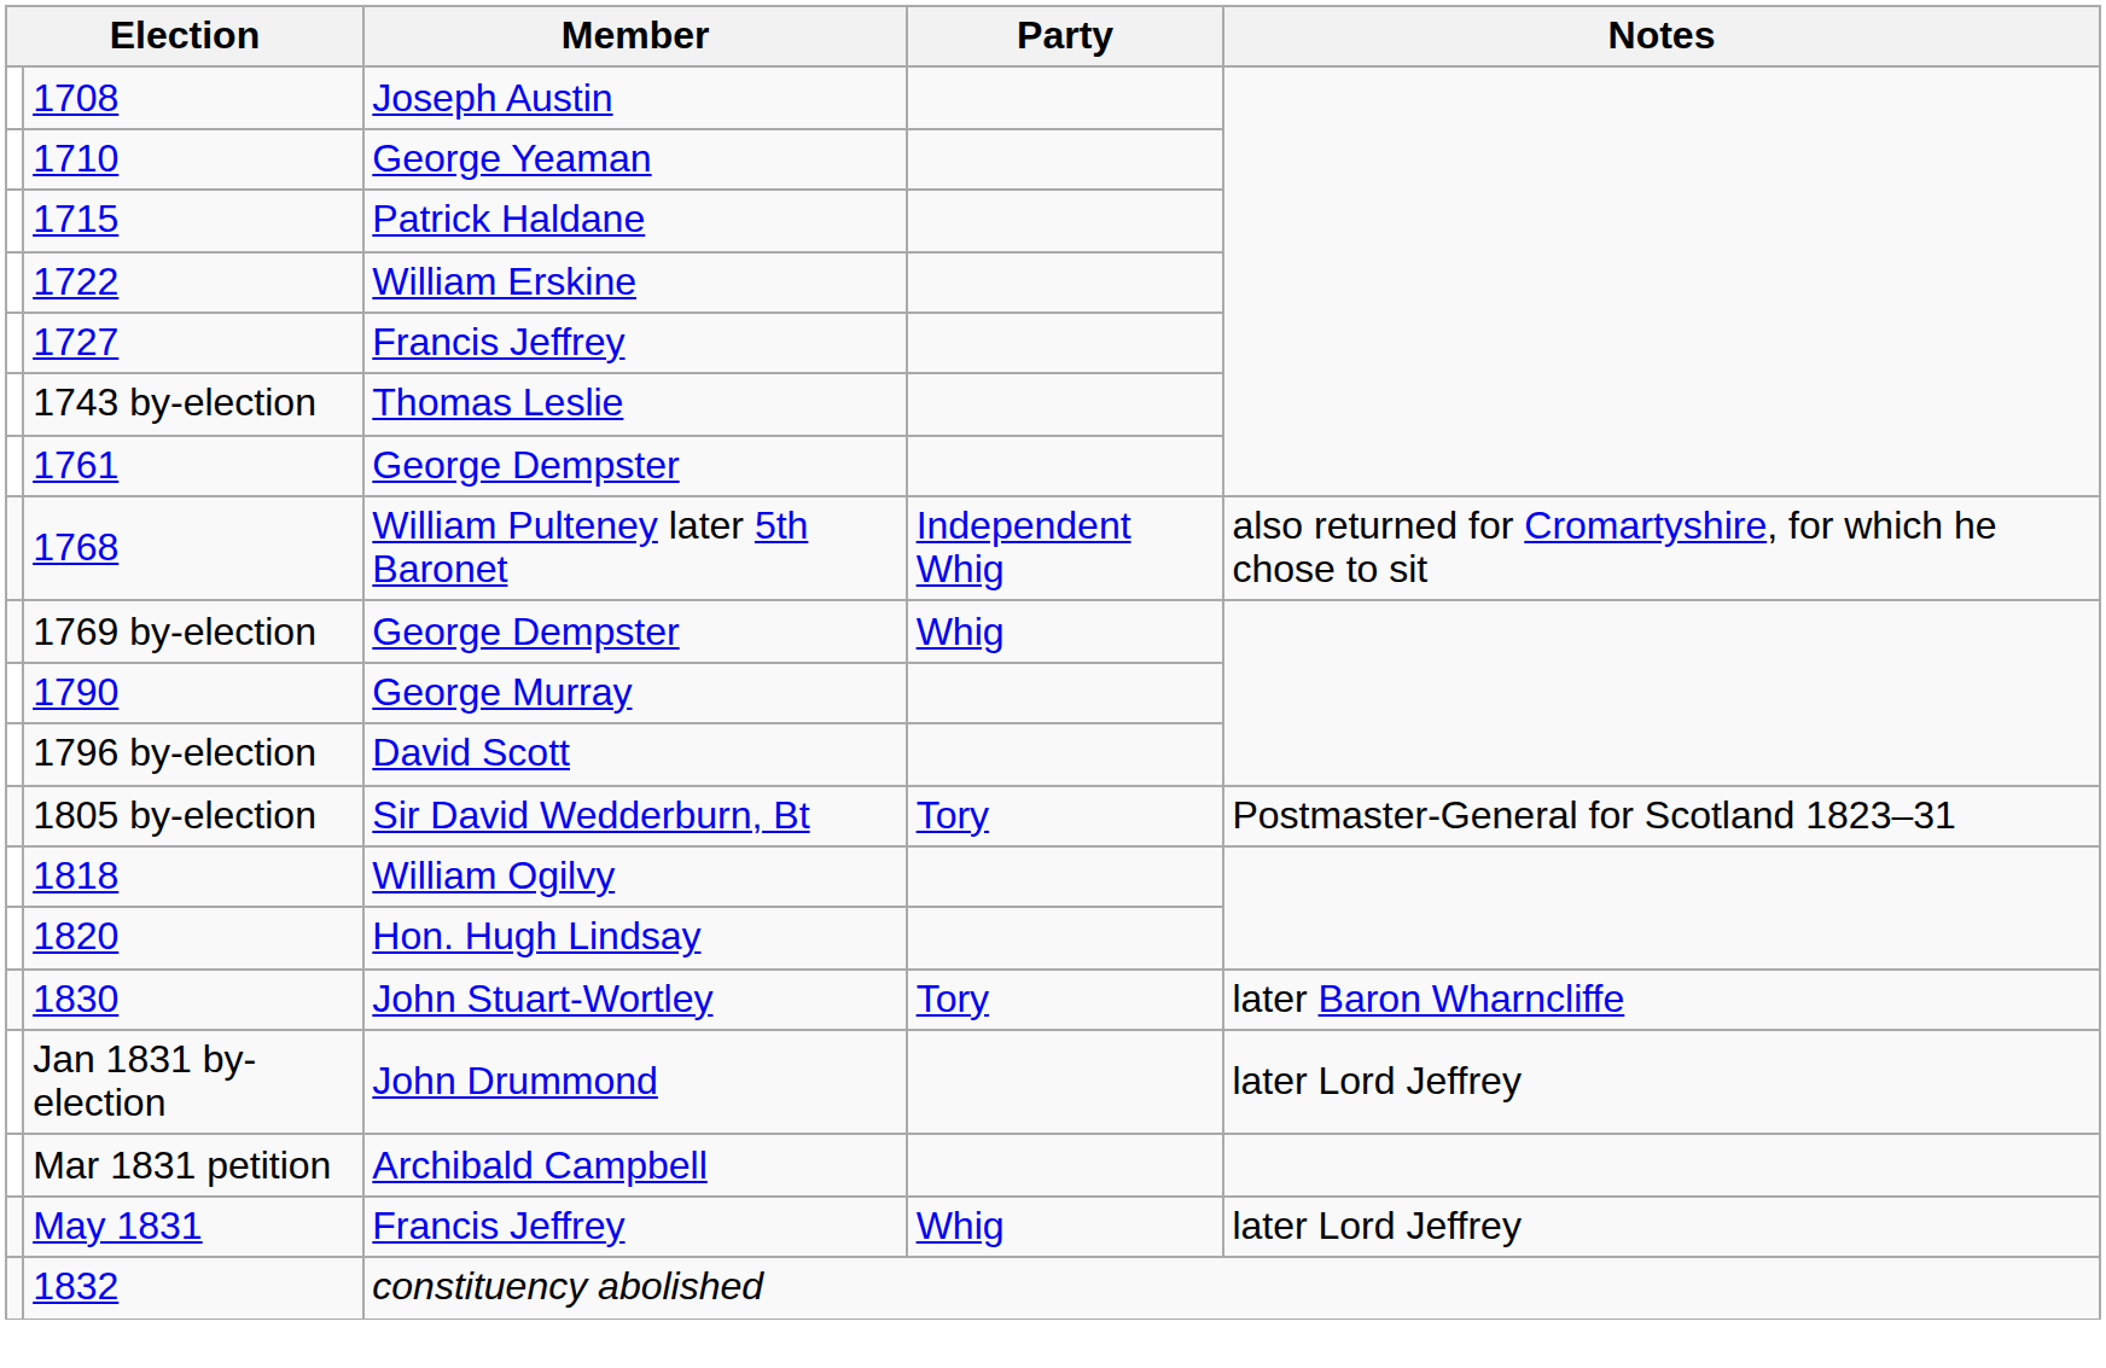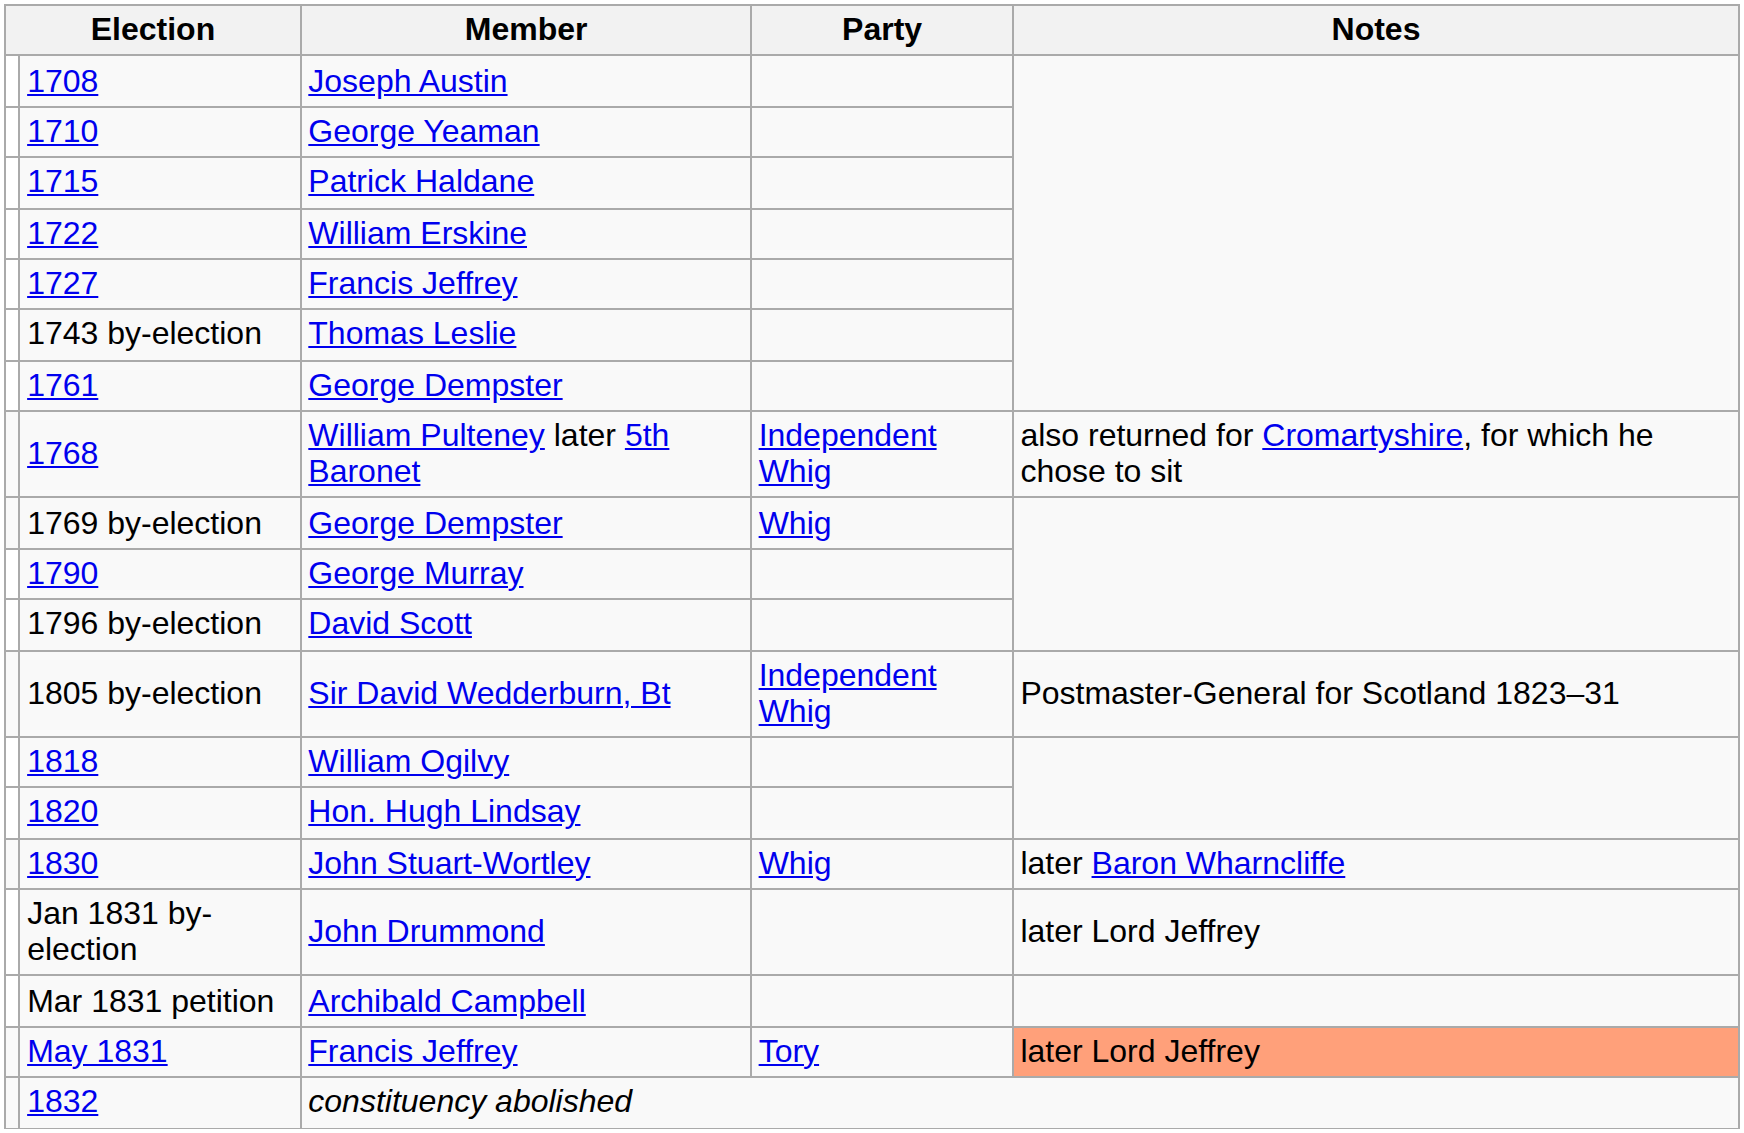 <table class="wikitable">
 <tr>
 <th colspan="2">Election</th>
 <th>Member</th>
 <th>Party </th>
 <th>Notes</th>
 </tr>
 <tr>
 <td style="color:inherit;background: white"></td>
 <td><a href='#'>1708</a></td>
 <td><a href='#'>Joseph Austin</a></td>
 <td></td>
 <td rowspan=7></td>
 </tr>
 <tr>
 <td style="color:inherit;background: white"></td>
 <td><a href='#'>1710</a></td>
 <td><a href='#'>George Yeaman</a></td>
 <td></td>
 </tr>
 <tr>
 <td style="color:inherit;background: white"></td>
 <td><a href='#'>1715</a></td>
 <td><a href='#'>Patrick Haldane</a></td>
 <td></td>
 </tr>
 <tr>
 <td style="color:inherit;background: white"></td>
 <td><a href='#'>1722</a></td>
 <td><a href='#'>William Erskine</a></td>
 <td></td>
 </tr>
 <tr>
 <td style="color:inherit;background: white"></td>
 <td><a href='#'>1727</a></td>
 <td><a href='#'>Francis Jeffrey</a></td>
 <td></td>
 </tr>
 <tr>
 <td style="color:inherit;background: white"></td>
 <td>1743 by-election</td>
 <td><a href='#'>Thomas Leslie</a></td>
 <td></td>
 </tr>
 <tr>
 <td style="color:inherit;background: white"></td>
 <td><a href='#'>1761</a></td>
 <td><a href='#'>George Dempster</a></td>
 <td></td>
 </tr>
 <tr>
 <td style="color:inherit;background-color: "></td>
 <td><a href='#'>1768</a></td>
 <td><a href='#'>William Pulteney</a> later <a href='#'>5th Baronet</a></td>
 <td><a href='#'>Independent</a> <a href='#'>Whig</a></td>
 <td>also returned for <a href='#'>Cromartyshire</a>, for which he chose to sit</td>
 </tr>
 <tr>
 <td style="color:inherit;background-color: "></td>
 <td>1769 by-election</td>
 <td><a href='#'>George Dempster</a></td>
 <td><a href='#'>Whig</a></td>
 <td rowspan=3></td>
 </tr>
 <tr>
 <td style="color:inherit;background: white"></td>
 <td><a href='#'>1790</a></td>
 <td><a href='#'>George Murray</a></td>
 <td></td>
 </tr>
 <tr>
 <td style="color:inherit;background: white"></td>
 <td>1796 by-election</td>
 <td><a href='#'>David Scott</a></td>
 <td></td>
 </tr>
 <tr>
 <td style="color:inherit;background: "></td>
 <td>1805 by-election</td>
 <td><a href='#'>Sir David Wedderburn, Bt</a></td>
-<td><a href='#'>Tory</a></td>
+<td><a href='#'>Independent</a> <a href='#'>Whig</a></td>
 <td>Postmaster-General for Scotland 1823–31</td>
 </tr>
 <tr>
 <td style="color:inherit;background: white"></td>
 <td><a href='#'>1818</a></td>
 <td><a href='#'>William Ogilvy</a></td>
 <td></td>
 <td rowspan=2></td>
 </tr>
 <tr>
 <td style="color:inherit;background: white"></td>
 <td><a href='#'>1820</a></td>
 <td><a href='#'>Hon. Hugh Lindsay</a></td>
 <td></td>
 </tr>
 <tr>
 <td style="color:inherit;background: "></td>
 <td><a href='#'>1830</a></td>
 <td><a href='#'>John Stuart-Wortley</a></td>
-<td><a href='#'>Tory</a></td>
+<td><a href='#'>Whig</a></td>
 <td>later <a href='#'>Baron Wharncliffe</a></td>
 </tr>
 <tr>
 <td style="color:inherit;background: white"></td>
 <td>Jan 1831 by-election</td>
 <td><a href='#'>John Drummond</a></td>
 <td></td>
 <td>later Lord Jeffrey</td>
 </tr>
 <tr>
 <td style="color:inherit;background: white"></td>
 <td>Mar 1831 petition</td>
 <td><a href='#'>Archibald Campbell</a></td>
 <td></td>
 <td></td>
 </tr>
 <tr>
 <td style="color:inherit;background-color: "></td>
 <td><a href='#'>May 1831</a></td>
 <td><a href='#'>Francis Jeffrey</a></td>
-<td><a href='#'>Whig</a></td>
-<td>later Lord Jeffrey</td>
+<td><a href='#'>Tory</a></td>
+<td style="background: lightsalmon;">later Lord Jeffrey</td>
 </tr>
 <tr>
 <td></td>
 <td><a href='#'>1832</a></td>
 <td colspan="3"><em>constituency abolished</em></td>
 </tr>
 </table>
